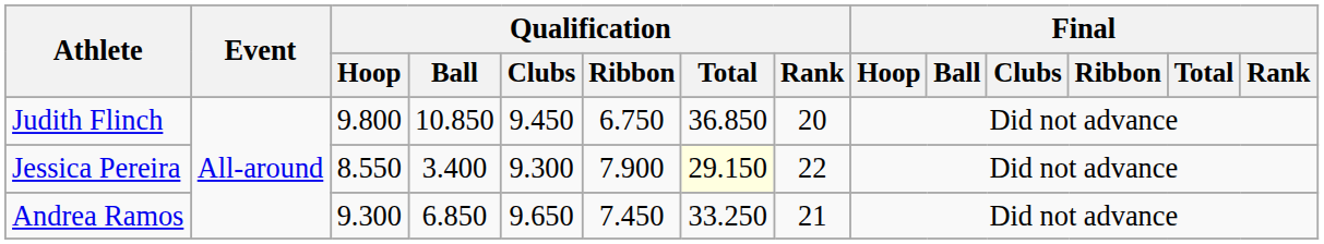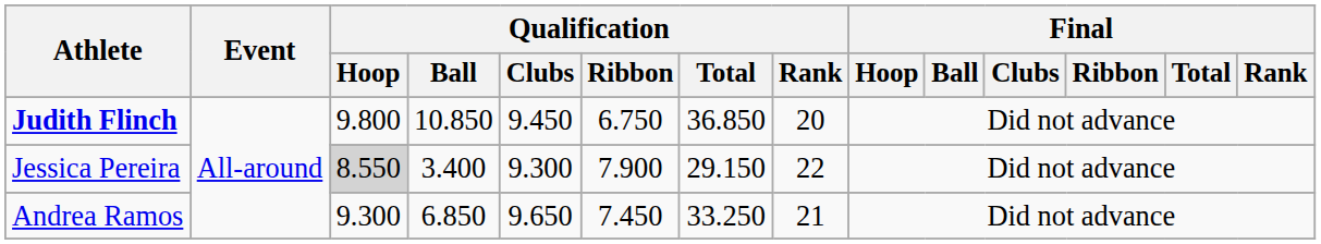 <table class=wikitable style="font-size:90%">
 <tr>
 <th rowspan="2">Athlete</th>
 <th rowspan="2">Event</th>
 <th colspan=6>Qualification</th>
 <th colspan=6>Final</th>
 </tr>
 <tr style="font-size:95%">
 <th>Hoop</th>
 <th>Ball</th>
 <th>Clubs</th>
 <th>Ribbon</th>
 <th>Total</th>
 <th>Rank</th>
 <th>Hoop</th>
 <th>Ball</th>
 <th>Clubs</th>
 <th>Ribbon</th>
 <th>Total</th>
 <th>Rank</th>
 </tr>
 <tr align=center>
-<td align=left><a href='#'>Judith Flinch</a></td>
+<td align=left><strong><a href='#'>Judith Flinch</a></strong></td>
 <td align=left rowspan=3><a href='#'>All-around</a></td>
 <td>9.800</td>
 <td>10.850</td>
 <td>9.450</td>
 <td>6.750</td>
 <td>36.850</td>
 <td>20</td>
 <td colspan="6">Did not advance</td>
 </tr>
 <tr align=center>
 <td align=left><a href='#'>Jessica Pereira</a></td>
-<td>8.550</td>
+<td style="background: lightgrey;">8.550</td>
 <td>3.400</td>
 <td>9.300</td>
 <td>7.900</td>
-<td style="background: lightyellow;">29.150</td>
+<td>29.150</td>
 <td>22</td>
 <td colspan="6">Did not advance</td>
 </tr>
 <tr align=center>
 <td align=left><a href='#'>Andrea Ramos</a></td>
 <td>9.300</td>
 <td>6.850</td>
 <td>9.650</td>
 <td>7.450</td>
 <td>33.250</td>
 <td>21</td>
 <td colspan="6">Did not advance</td>
 </tr>
 </table>
